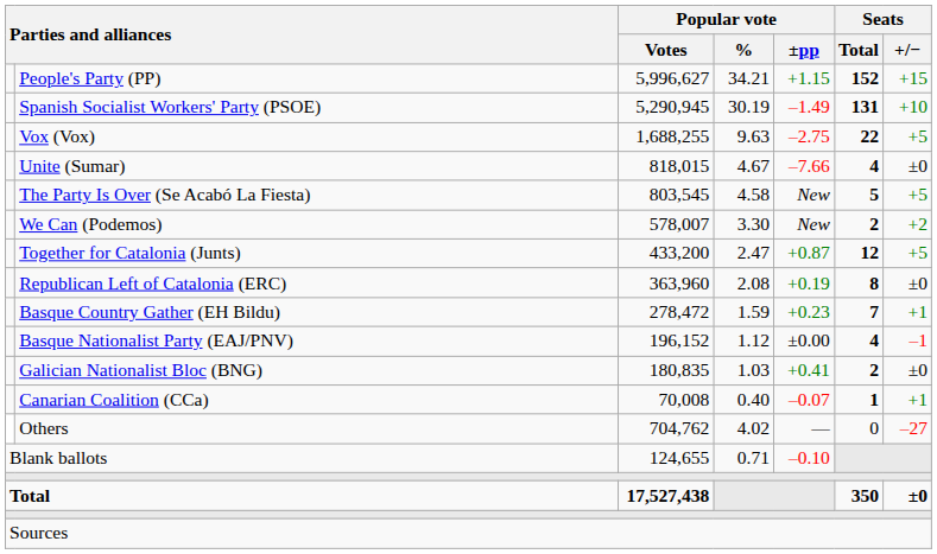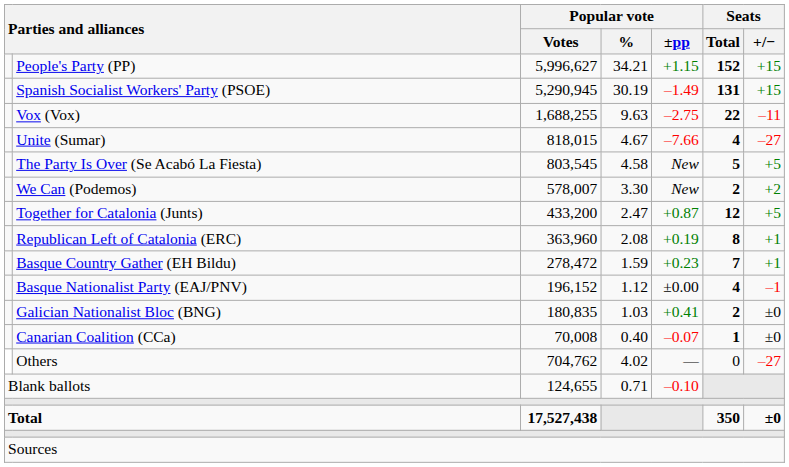 <table class="wikitable" style="text-align:right;">
 <tr>
 <th style="text-align:left;" rowspan="2" colspan="2" width="525">Parties and alliances</th>
 <th colspan="3">Popular vote</th>
 <th colspan="2">Seats</th>
 </tr>
 <tr>
 <th width="75">Votes</th>
 <th width="45">%</th>
 <th width="45">±<a href='#'>pp</a></th>
 <th width="35">Total</th>
 <th width="35">+/−</th>
 </tr>
 <tr>
 <td width="1" style="color:inherit;background:"></td>
 <td align="left"><a href='#'>People's Party</a> (PP)</td>
 <td>5,996,627</td>
 <td>34.21</td>
 <td style="color:green;">+1.15</td>
 <td><strong>152</strong></td>
 <td style="color:green;">+15</td>
 </tr>
 <tr>
 <td style="color:inherit;background:"></td>
 <td align="left"><a href='#'>Spanish Socialist Workers' Party</a> (PSOE)</td>
 <td>5,290,945</td>
 <td>30.19</td>
 <td style="color:red;">–1.49</td>
 <td><strong>131</strong></td>
-<td style="color:green;">+10</td>
+<td style="color:green;">+15</td>
 </tr>
 <tr>
 <td style="color:inherit;background:"></td>
 <td align="left"><a href='#'>Vox</a> (Vox)</td>
 <td>1,688,255</td>
 <td>9.63</td>
 <td style="color:red;">–2.75</td>
 <td><strong>22</strong></td>
-<td style="color:green;">+5</td>
+<td style="color:red;">–11</td>
 </tr>
 <tr>
 <td style="color:inherit;background:"></td>
 <td align="left"><a href='#'>Unite</a> (Sumar)</td>
 <td>818,015</td>
 <td>4.67</td>
 <td style="color:red;">–7.66</td>
 <td><strong>4</strong></td>
-<td>±0</td>
+<td style="color:red;">–27</td>
 </tr>
 <tr>
 <td style="color:inherit;background:"></td>
 <td align="left"><a href='#'>The Party Is Over</a> (Se Acabó La Fiesta)</td>
 <td>803,545</td>
 <td>4.58</td>
 <td><em>New</em></td>
 <td><strong>5</strong></td>
 <td style="color:green;">+5</td>
 </tr>
 <tr>
 <td style="color:inherit;background:"></td>
 <td align="left"><a href='#'>We Can</a> (Podemos)</td>
 <td>578,007</td>
 <td>3.30</td>
 <td><em>New</em></td>
 <td><strong>2</strong></td>
 <td style="color:green;">+2</td>
 </tr>
 <tr>
 <td style="color:inherit;background:"></td>
 <td align="left"><a href='#'>Together for Catalonia</a> (Junts)</td>
 <td>433,200</td>
 <td>2.47</td>
 <td style="color:green;">+0.87</td>
 <td><strong>12</strong></td>
 <td style="color:green;">+5</td>
 </tr>
 <tr>
 <td style="color:inherit;background:"></td>
 <td align="left"><a href='#'>Republican Left of Catalonia</a> (ERC)</td>
 <td>363,960</td>
 <td>2.08</td>
 <td style="color:green;">+0.19</td>
 <td><strong>8</strong></td>
-<td>±0</td>
+<td style="color:green;">+1</td>
 </tr>
 <tr>
 <td style="color:inherit;background:"></td>
 <td align="left"><a href='#'>Basque Country Gather</a> (EH Bildu)</td>
 <td>278,472</td>
 <td>1.59</td>
 <td style="color:green;">+0.23</td>
 <td><strong>7</strong></td>
 <td style="color:green;">+1</td>
 </tr>
 <tr>
 <td style="color:inherit;background:"></td>
 <td align="left"><a href='#'>Basque Nationalist Party</a> (EAJ/PNV)</td>
 <td>196,152</td>
 <td>1.12</td>
 <td>±0.00</td>
 <td><strong>4</strong></td>
 <td style="color:red;">–1</td>
 </tr>
 <tr>
 <td style="color:inherit;background:"></td>
 <td align="left"><a href='#'>Galician Nationalist Bloc</a> (BNG)</td>
 <td>180,835</td>
 <td>1.03</td>
 <td style="color:green;">+0.41</td>
 <td><strong>2</strong></td>
 <td>±0</td>
 </tr>
 <tr>
 <td style="color:inherit;background:"></td>
 <td align="left"><a href='#'>Canarian Coalition</a> (CCa)</td>
 <td>70,008</td>
 <td>0.40</td>
 <td style="color:red;">–0.07</td>
 <td><strong>1</strong></td>
-<td style="color:green;">+1</td>
+<td>±0</td>
 </tr>
 <tr>
 <td bgcolor="white"></td>
 <td align="left">Others</td>
 <td>704,762</td>
 <td>4.02</td>
 <td>—</td>
 <td>0</td>
 <td style="color:red;">–27</td>
 </tr>
 <tr>
 <td align="left" colspan="2">Blank ballots</td>
 <td>124,655</td>
 <td>0.71</td>
 <td style="color:red;">–0.10</td>
 <td bgcolor="#E9E9E9" colspan="2"></td>
 </tr>
 <tr>
 <td colspan="7" bgcolor="#E9E9E9"></td>
 </tr>
 <tr style="font-weight:bold;">
 <td align="left" colspan="2">Total</td>
 <td>17,527,438</td>
 <td bgcolor="#E9E9E9" colspan="2"></td>
 <td>350</td>
 <td>±0</td>
 </tr>
 <tr>
 <td colspan="7" bgcolor="#E9E9E9"></td>
 </tr>
 <tr>
 <td align="left" colspan="7">Sources</td>
 </tr>
 </table>
